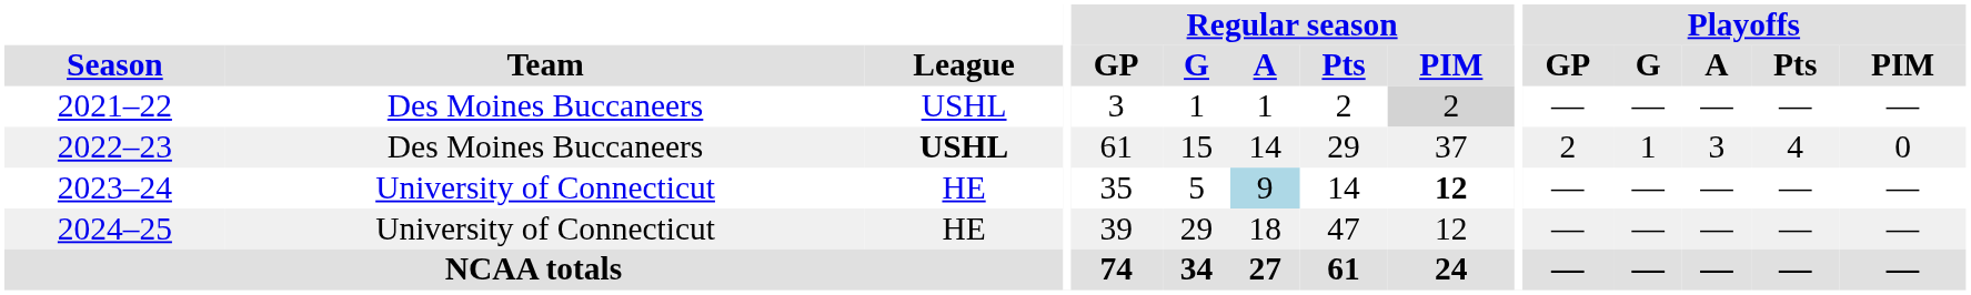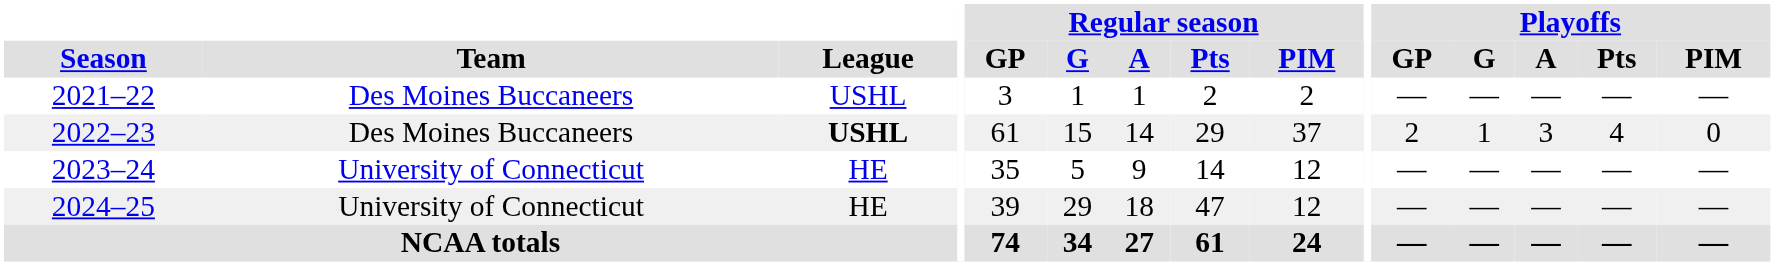 <table border="0" cellpadding="1" cellspacing="0" style="text-align:center; width:60em">
 <tr bgcolor="#e0e0e0">
 <th colspan="3" bgcolor="#ffffff"></th>
 <th rowspan="101" bgcolor="#ffffff"></th>
 <th colspan="5"><a href='#'>Regular season</a></th>
 <th rowspan="101" bgcolor="#ffffff"></th>
 <th colspan="5"><a href='#'>Playoffs</a></th>
 </tr>
 <tr bgcolor="#e0e0e0">
 <th><a href='#'>Season</a></th>
 <th>Team</th>
 <th>League</th>
 <th>GP</th>
 <th><a href='#'>G</a></th>
 <th><a href='#'>A</a></th>
 <th><a href='#'>Pts</a></th>
 <th><a href='#'>PIM</a></th>
 <th>GP</th>
 <th>G</th>
 <th>A</th>
 <th>Pts</th>
 <th>PIM</th>
 </tr>
 <tr>
 <td><a href='#'>2021–22</a></td>
 <td><a href='#'>Des Moines Buccaneers</a></td>
 <td><a href='#'>USHL</a></td>
 <td>3</td>
 <td>1</td>
 <td>1</td>
 <td>2</td>
-<td style="background: lightgrey;">2</td>
+<td>2</td>
 <td>—</td>
 <td>—</td>
 <td>—</td>
 <td>—</td>
 <td>—</td>
 </tr>
 <tr bgcolor="#f0f0f0">
 <td><a href='#'>2022–23</a></td>
 <td>Des Moines Buccaneers</td>
 <td><strong>USHL</strong></td>
 <td>61</td>
 <td>15</td>
 <td>14</td>
 <td>29</td>
 <td>37</td>
 <td>2</td>
 <td>1</td>
 <td>3</td>
 <td>4</td>
 <td>0</td>
 </tr>
 <tr>
 </tr>
 <tr>
 <td><a href='#'>2023–24</a></td>
 <td><a href='#'>University of Connecticut</a></td>
 <td><a href='#'>HE</a></td>
 <td>35</td>
 <td>5</td>
-<td style="background: lightblue;">9</td>
+<td>9</td>
 <td>14</td>
-<td><strong>12</strong></td>
+<td>12</td>
 <td>—</td>
 <td>—</td>
 <td>—</td>
 <td>—</td>
 <td>—</td>
 </tr>
 <tr bgcolor="#f0f0f0">
 <td><a href='#'>2024–25</a></td>
 <td>University of Connecticut</td>
 <td>HE</td>
 <td>39</td>
 <td>29</td>
 <td>18</td>
 <td>47</td>
 <td>12</td>
 <td>—</td>
 <td>—</td>
 <td>—</td>
 <td>—</td>
 <td>—</td>
 </tr>
 <tr bgcolor="#e0e0e0">
 <th colspan="3">NCAA totals</th>
 <th>74</th>
 <th>34</th>
 <th>27</th>
 <th>61</th>
 <th>24</th>
 <th>—</th>
 <th>—</th>
 <th>—</th>
 <th>—</th>
 <th>—</th>
 </tr>
 </table>
